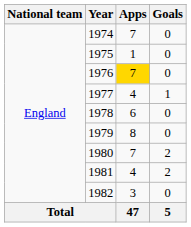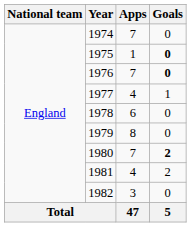 <table class="wikitable" style="text-align: center;">
 <tr>
 <th>National team</th>
 <th>Year</th>
 <th>Apps</th>
 <th>Goals</th>
 </tr>
 <tr>
 <td rowspan="9"><a href='#'>England</a></td>
 <td>1974</td>
 <td>7</td>
 <td>0</td>
 </tr>
 <tr>
 <td>1975</td>
 <td>1</td>
-<td>0</td>
+<td><strong>0</strong></td>
 </tr>
 <tr>
 <td>1976</td>
-<td style="background: gold;">7</td>
-<td>0</td>
+<td>7</td>
+<td><strong>0</strong></td>
 </tr>
 <tr>
 <td>1977</td>
 <td>4</td>
 <td>1</td>
 </tr>
 <tr>
 <td>1978</td>
 <td>6</td>
 <td>0</td>
 </tr>
 <tr>
 <td>1979</td>
 <td>8</td>
 <td>0</td>
 </tr>
 <tr>
 <td>1980</td>
 <td>7</td>
-<td>2</td>
+<td><strong>2</strong></td>
 </tr>
 <tr>
 <td>1981</td>
 <td>4</td>
 <td>2</td>
 </tr>
 <tr>
 <td>1982</td>
 <td>3</td>
 <td>0</td>
 </tr>
 <tr>
 <th colspan="2">Total</th>
 <th>47</th>
 <th>5</th>
 </tr>
 </table>
